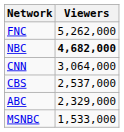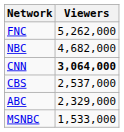 <table class="wikitable">
 <tr>
 <th>Network</th>
 <th>Viewers</th>
 </tr>
 <tr>
 <td><a href='#'>FNC</a></td>
 <td>5,262,000</td>
 </tr>
 <tr>
 <td><a href='#'>NBC</a></td>
-<td><strong>4,682,000</strong></td>
+<td>4,682,000</td>
 </tr>
 <tr>
 <td><a href='#'>CNN</a></td>
-<td>3,064,000</td>
+<td><strong>3,064,000</strong></td>
 </tr>
 <tr>
 <td><a href='#'>CBS</a></td>
 <td>2,537,000</td>
 </tr>
 <tr>
 <td><a href='#'>ABC</a></td>
 <td>2,329,000</td>
 </tr>
 <tr>
 <td><a href='#'>MSNBC</a></td>
 <td>1,533,000</td>
 </tr>
 </table>
